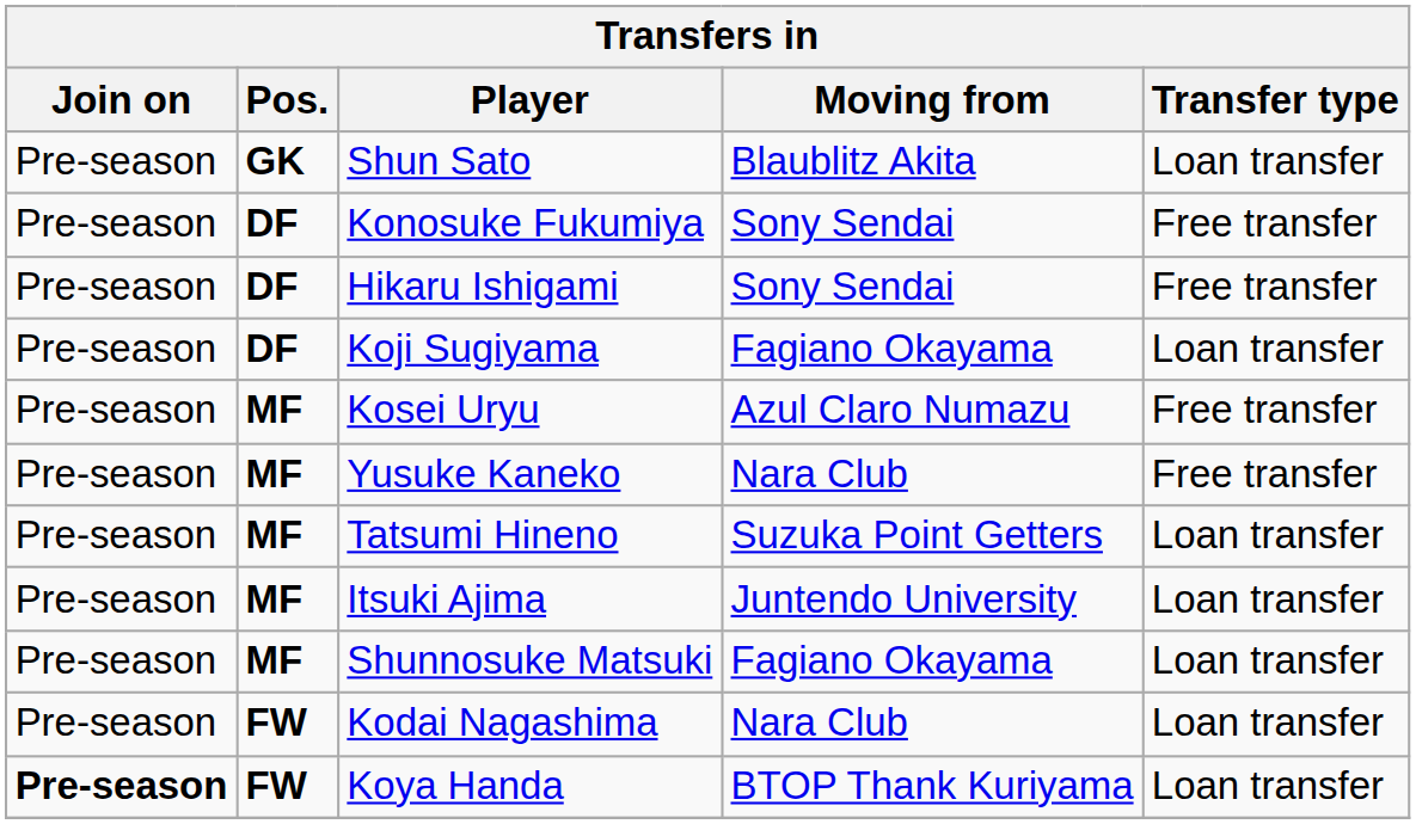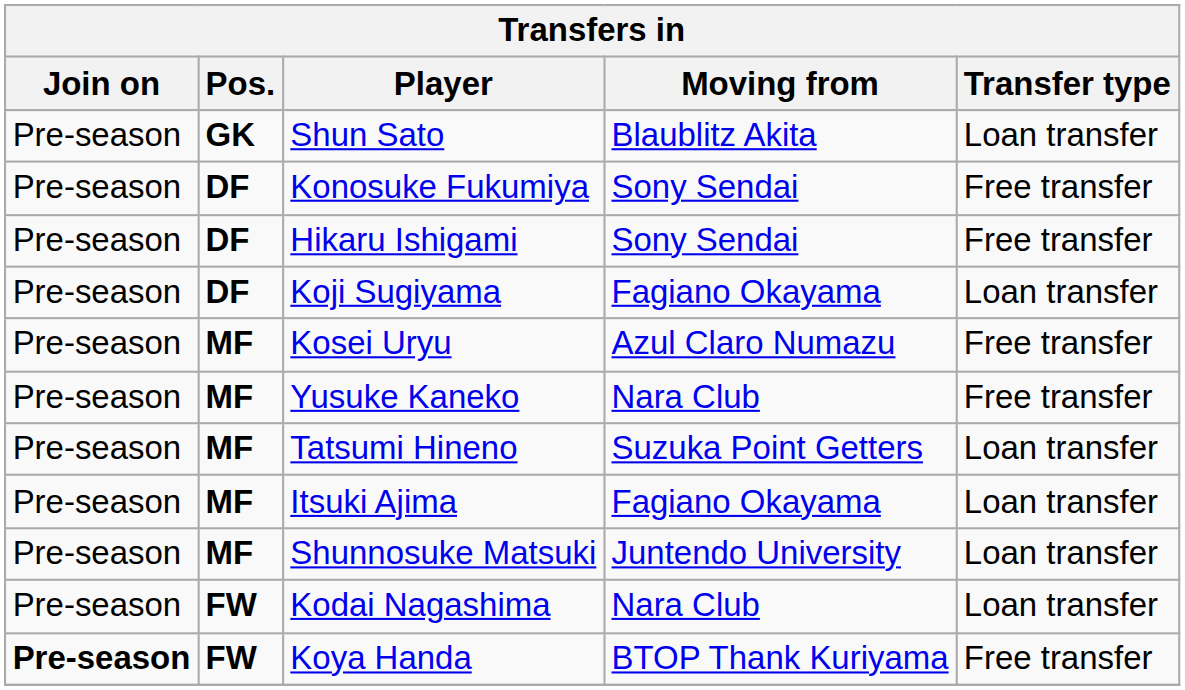 <table class="wikitable sortable" style=“text-align:left;>
 <tr>
 <th colspan="5">Transfers in</th>
 </tr>
 <tr>
 <th>Join on</th>
 <th>Pos.</th>
 <th>Player</th>
 <th>Moving from</th>
 <th>Transfer type</th>
 </tr>
 <tr>
 <td>Pre-season</td>
 <td><strong>GK</strong></td>
 <td> <a href='#'>Shun Sato</a></td>
 <td> <a href='#'>Blaublitz Akita</a></td>
 <td>Loan transfer</td>
 </tr>
 <tr>
 <td>Pre-season</td>
 <td><strong>DF</strong></td>
 <td> <a href='#'>Konosuke Fukumiya</a></td>
 <td> <a href='#'>Sony Sendai</a></td>
 <td>Free transfer</td>
 </tr>
 <tr>
 <td>Pre-season</td>
 <td><strong>DF</strong></td>
 <td> <a href='#'>Hikaru Ishigami</a></td>
 <td> <a href='#'>Sony Sendai</a></td>
 <td>Free transfer</td>
 </tr>
 <tr>
 <td>Pre-season</td>
 <td><strong>DF</strong></td>
 <td> <a href='#'>Koji Sugiyama</a></td>
 <td> <a href='#'>Fagiano Okayama</a></td>
 <td>Loan transfer</td>
 </tr>
 <tr>
 <td>Pre-season</td>
 <td><strong>MF</strong></td>
 <td> <a href='#'>Kosei Uryu</a></td>
 <td> <a href='#'>Azul Claro Numazu</a></td>
 <td>Free transfer</td>
 </tr>
 <tr>
 <td>Pre-season</td>
 <td><strong>MF</strong></td>
 <td> <a href='#'>Yusuke Kaneko</a></td>
 <td> <a href='#'>Nara Club</a></td>
 <td>Free transfer</td>
 </tr>
 <tr>
 <td>Pre-season</td>
 <td><strong>MF</strong></td>
 <td> <a href='#'>Tatsumi Hineno</a></td>
 <td> <a href='#'>Suzuka Point Getters</a></td>
 <td>Loan transfer</td>
 </tr>
 <tr>
 <td>Pre-season</td>
 <td><strong>MF</strong></td>
 <td> <a href='#'>Itsuki Ajima</a></td>
-<td> <a href='#'>Juntendo University</a></td>
+<td> <a href='#'>Fagiano Okayama</a></td>
 <td>Loan transfer</td>
 </tr>
 <tr>
 <td>Pre-season</td>
 <td><strong>MF</strong></td>
 <td> <a href='#'>Shunnosuke Matsuki</a></td>
-<td> <a href='#'>Fagiano Okayama</a></td>
+<td> <a href='#'>Juntendo University</a></td>
 <td>Loan transfer</td>
 </tr>
 <tr>
 <td>Pre-season</td>
 <td><strong>FW</strong></td>
 <td> <a href='#'>Kodai Nagashima</a></td>
 <td> <a href='#'>Nara Club</a></td>
 <td>Loan transfer</td>
 </tr>
 <tr>
 <td><strong>Pre-season</strong></td>
 <td><strong>FW</strong></td>
 <td> <a href='#'>Koya Handa</a></td>
 <td> <a href='#'>BTOP Thank Kuriyama</a></td>
-<td>Loan transfer</td>
+<td>Free transfer</td>
 </tr>
 <tr>
 </tr>
 </table>
